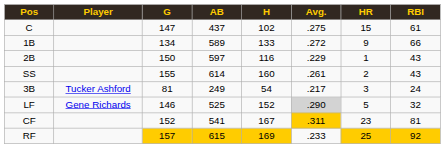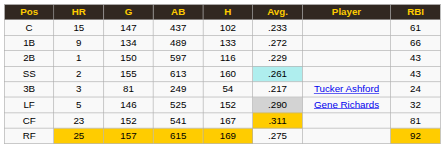 <table class="wikitable sortable">
 <tr>
 <th style="background:#312821; color:#FFCC00" width="9%">Pos</th>
-<th style="background:#312821; color:#FFCC00" width="16%">Player</th>
+<th style="background:#312821; color:#FFCC00" width="9%">HR</th>
 <th style="background:#312821; color:#FFCC00" width="9%">G</th>
 <th style="background:#312821; color:#FFCC00" width="9%">AB</th>
 <th style="background:#312821; color:#FFCC00" width="9%">H</th>
 <th style="background:#312821; color:#FFCC00" width="9%">Avg.</th>
-<th style="background:#312821; color:#FFCC00" width="9%">HR</th>
+<th style="background:#312821; color:#FFCC00" width="16%">Player</th>
 <th style="background:#312821; color:#FFCC00" width="9%">RBI</th>
 </tr>
 <tr align="center">
 <td>C</td>
-<td></td>
+<td>15</td>
 <td>147</td>
 <td>437</td>
 <td>102</td>
-<td>.275</td>
-<td>15</td>
+<td>.233</td>
+<td></td>
 <td>61</td>
 </tr>
 <tr align="center">
 <td>1B</td>
-<td></td>
+<td>9</td>
 <td>134</td>
-<td>589</td>
+<td>489</td>
 <td>133</td>
 <td>.272</td>
-<td>9</td>
+<td></td>
 <td>66</td>
 </tr>
 <tr align="center">
 <td>2B</td>
-<td></td>
+<td>1</td>
 <td>150</td>
 <td>597</td>
 <td>116</td>
 <td>.229</td>
-<td>1</td>
+<td></td>
 <td>43</td>
 </tr>
 <tr align="center">
 <td>SS</td>
+<td>2</td>
+<td>155</td>
+<td>613</td>
+<td>160</td>
+<td style="background: paleturquoise;">.261</td>
 <td></td>
-<td>155</td>
-<td>614</td>
-<td>160</td>
-<td>.261</td>
-<td>2</td>
 <td>43</td>
 </tr>
 <tr align="center">
 <td>3B</td>
-<td><a href='#'>Tucker Ashford</a></td>
+<td>3</td>
 <td>81</td>
 <td>249</td>
 <td>54</td>
 <td>.217</td>
-<td>3</td>
+<td><a href='#'>Tucker Ashford</a></td>
 <td>24</td>
 </tr>
 <tr align=center>
 <td>LF</td>
-<td><a href='#'>Gene Richards</a></td>
+<td>5</td>
 <td>146</td>
 <td>525</td>
 <td>152</td>
 <td style="background: lightgrey;">.290</td>
-<td>5</td>
+<td><a href='#'>Gene Richards</a></td>
 <td>32</td>
 </tr>
 <tr align=center>
 <td>CF</td>
-<td></td>
+<td>23</td>
 <td>152</td>
 <td>541</td>
 <td>167</td>
 <td style="background:#fc0;">.311</td>
-<td>23</td>
+<td></td>
 <td>81</td>
 </tr>
 <tr align="center">
 <td>RF</td>
-<td></td>
+<td style="background:#fc0;">25</td>
 <td style="background:#fc0;">157</td>
 <td style="background:#fc0;">615</td>
 <td style="background:#fc0;">169</td>
-<td>.233</td>
-<td style="background:#fc0;">25</td>
+<td>.275</td>
+<td></td>
 <td style="background:#fc0;">92</td>
 </tr>
 </table>
